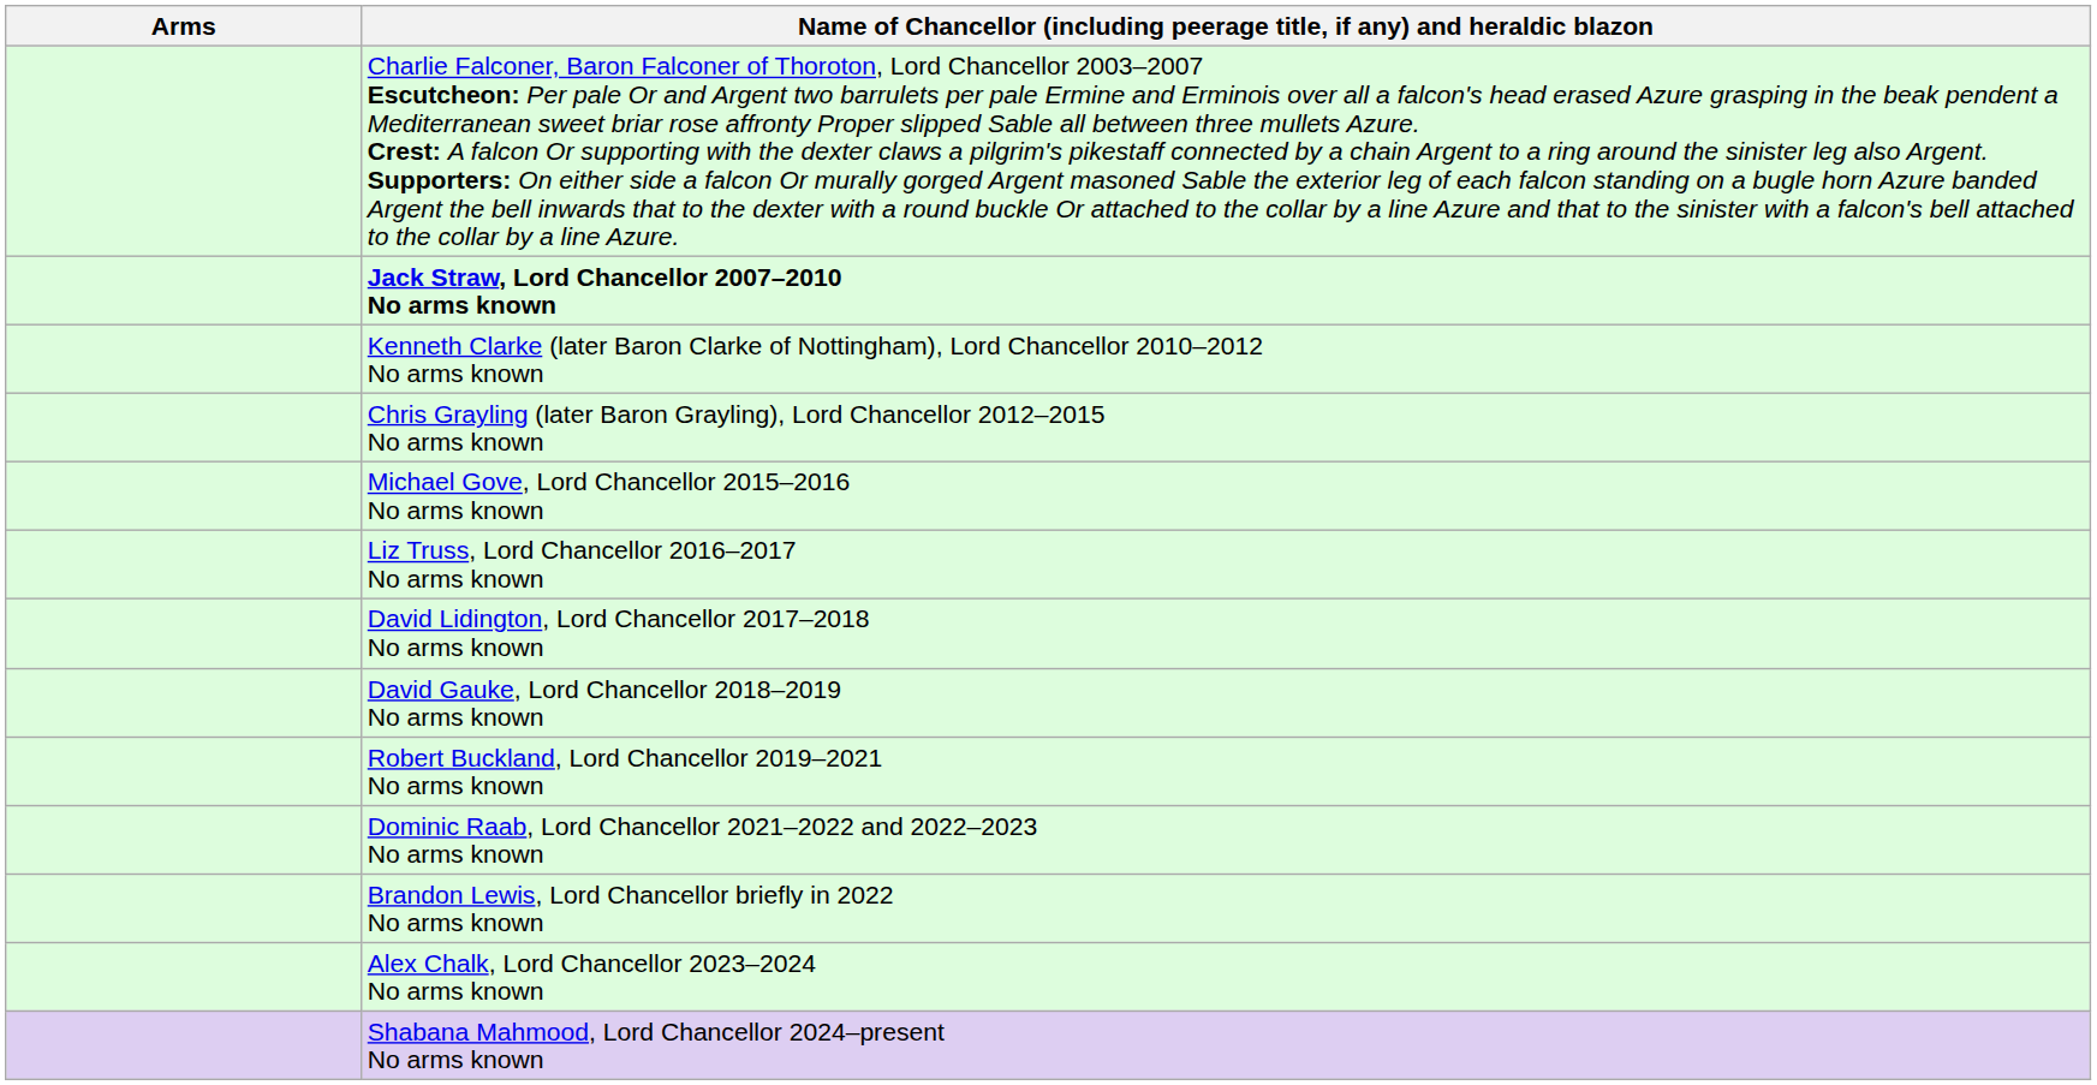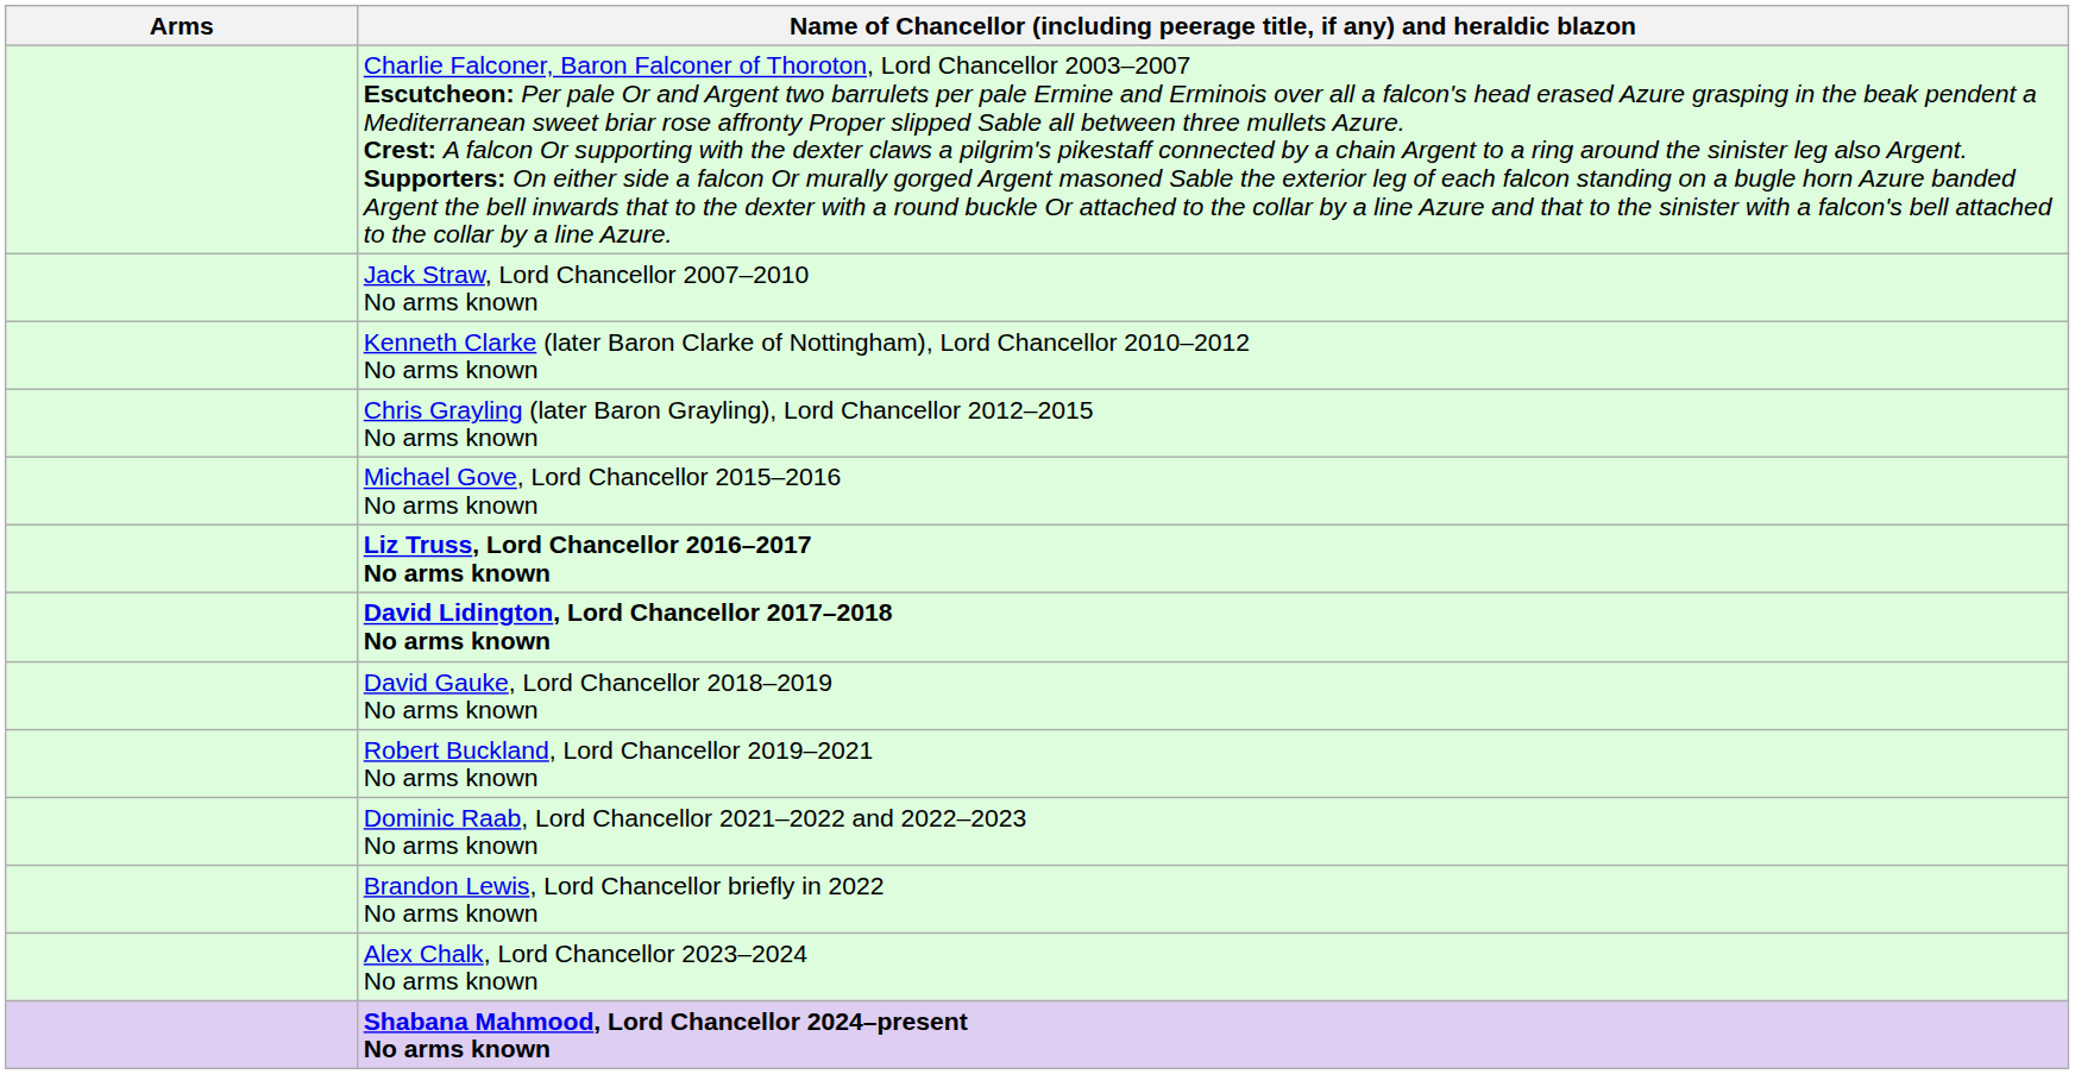 <table class=wikitable style=font-size:95%>
 <tr style="vertical-align:top; text-align:center;">
 <th style="width:206px;">Arms</th>
 <th>Name of Chancellor (including peerage title, if any) and heraldic blazon</th>
 </tr>
 <tr valign=top scope=row style="background:#DDFDDD">
 <td align=center></td>
 <td><a href='#'>Charlie Falconer, Baron Falconer of Thoroton</a>, Lord Chancellor 2003–2007<br><strong>Escutcheon:</strong> <em>Per pale Or and Argent two barrulets per pale Ermine and Erminois over all a falcon's head erased Azure grasping in the beak pendent a Mediterranean sweet briar rose affronty Proper slipped Sable all between three mullets Azure.</em><br> <strong>Crest:</strong> <em>A falcon Or supporting with the dexter claws a pilgrim's pikestaff connected by a chain Argent to a ring around the sinister leg also Argent.</em><br> <strong>Supporters:</strong> <em>On either side a falcon Or murally gorged Argent masoned Sable the exterior leg of each falcon standing on a bugle horn Azure banded Argent the bell inwards that to the dexter with a round buckle Or attached to the collar by a line Azure and that to the sinister with a falcon's bell attached to the collar by a line Azure.</em></td>
 </tr>
 <tr valign=top scope=row style="background:#DDFDDD">
 <td align=center></td>
-<td><strong><a href='#'>Jack Straw</a>, Lord Chancellor 2007–2010<br>No arms known</strong></td>
+<td><a href='#'>Jack Straw</a>, Lord Chancellor 2007–2010<br>No arms known</td>
 </tr>
 <tr valign=top scope=row style="background:#DDFDDD">
 <td align=center></td>
 <td><a href='#'>Kenneth Clarke</a> (later Baron Clarke of Nottingham), Lord Chancellor 2010–2012<br>No arms known</td>
 </tr>
 <tr valign=top scope=row style="background:#DDFDDD">
 <td align=center></td>
 <td><a href='#'>Chris Grayling</a> (later Baron Grayling), Lord Chancellor 2012–2015<br>No arms known</td>
 </tr>
 <tr valign=top scope=row style="background:#DDFDDD">
 <td align=center></td>
 <td><a href='#'>Michael Gove</a>, Lord Chancellor 2015–2016<br>No arms known</td>
 </tr>
 <tr valign=top scope=row style="background:#DDFDDD">
 <td align=center></td>
-<td><a href='#'>Liz Truss</a>, Lord Chancellor 2016–2017<br>No arms known</td>
+<td><strong><a href='#'>Liz Truss</a>, Lord Chancellor 2016–2017<br>No arms known</strong></td>
 </tr>
 <tr valign=top scope=row style="background:#DDFDDD">
 <td align=center></td>
-<td><a href='#'>David Lidington</a>, Lord Chancellor 2017–2018<br>No arms known</td>
+<td><strong><a href='#'>David Lidington</a>, Lord Chancellor 2017–2018<br>No arms known</strong></td>
 </tr>
 <tr valign=top scope=row style="background:#DDFDDD">
 <td align=center></td>
 <td><a href='#'>David Gauke</a>, Lord Chancellor 2018–2019<br>No arms known</td>
 </tr>
 <tr valign=top scope=row style="background:#DDFDDD">
 <td align=center></td>
 <td><a href='#'>Robert Buckland</a>, Lord Chancellor 2019–2021<br>No arms known</td>
 </tr>
 <tr valign=top scope=row style="background:#DDFDDD">
 <td align=center></td>
 <td><a href='#'>Dominic Raab</a>, Lord Chancellor 2021–2022 and 2022–2023<br>No arms known</td>
 </tr>
 <tr valign=top scope=row style="background:#DDFDDD">
 <td align=center></td>
 <td><a href='#'>Brandon Lewis</a>, Lord Chancellor briefly in 2022<br>No arms known</td>
 </tr>
 <tr valign=top scope=row style="background:#DDFDDD">
 <td align=center></td>
 <td><a href='#'>Alex Chalk</a>, Lord Chancellor 2023–2024<br>No arms known</td>
 </tr>
 <tr valign=top scope=row style="background:#DDcef2">
 <td align=center></td>
-<td><a href='#'>Shabana Mahmood</a>, Lord Chancellor 2024–present<br>No arms known</td>
+<td><strong><a href='#'>Shabana Mahmood</a>, Lord Chancellor 2024–present<br>No arms known</strong></td>
 </tr>
 <tr>
 </tr>
 </table>
